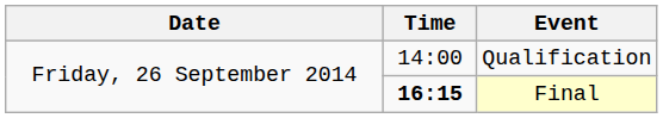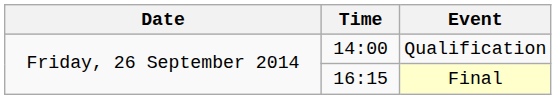 <table class = "wikitable" style="text-align:center;">
 <tr>
 <th width=220>Date</th>
 <th width=50>Time</th>
 <th width=100>Event</th>
 </tr>
 <tr>
 <td rowspan=2>Friday, 26 September 2014</td>
 <td>14:00</td>
 <td>Qualification</td>
 </tr>
 <tr>
-<td><strong>16:15</strong></td>
+<td>16:15</td>
 <td bgcolor=ffffcc>Final</td>
 </tr>
 </table>
